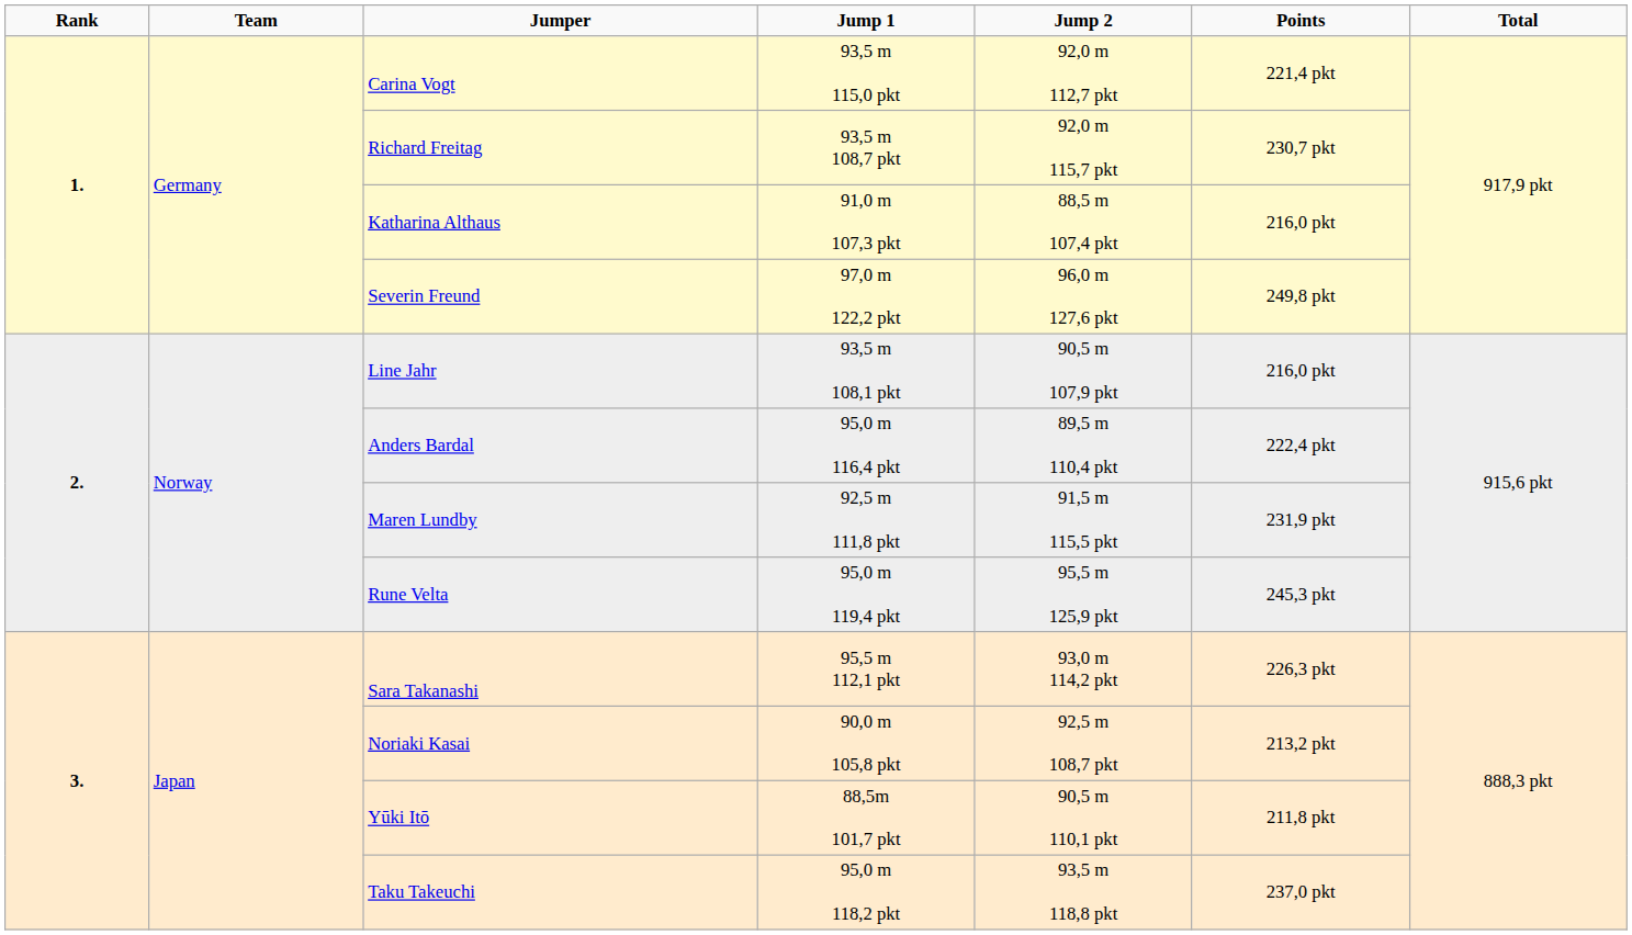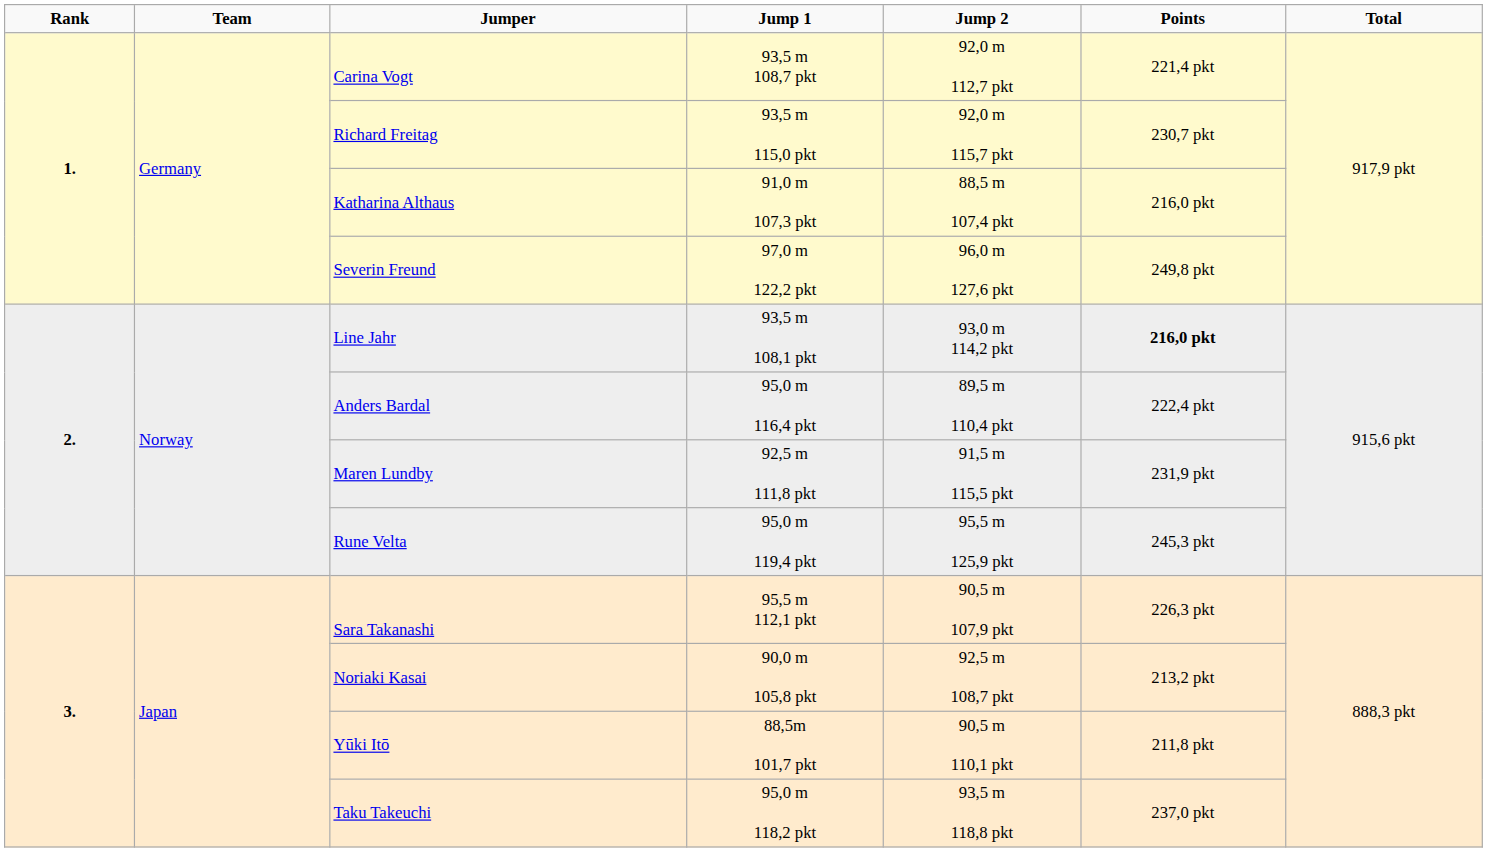 <table border="2" cellpadding="3" cellspacing="2" style="margin: 1em 1em 1em 0; background: #f9f9f9; border: 1px #aaa solid; border-collapse: collapse; font-size: 89%; text-align: center; width:100%">
 <tr>
 <th>Rank</th>
 <th>Team</th>
 <th>Jumper</th>
 <th>Jump 1</th>
 <th>Jump 2</th>
 <th>Points</th>
 <th>Total</th>
 </tr>
 <tr bgcolor="FFFACD">
 <td rowspan="4"><strong>1.</strong></td>
 <td align="left" rowspan="4"><a href='#'>Germany</a></td>
 <td align="left"><a href='#'><br> Carina Vogt</a></td>
-<td>93,5 m<br><br>115,0 pkt<br></td>
+<td>93,5 m<br>108,7 pkt<br></td>
 <td>92,0 m<br><br>112,7 pkt<br></td>
 <td>221,4 pkt</td>
 <td rowspan="4">917,9 pkt</td>
 </tr>
 <tr bgcolor="FFFACD">
 <td align="left"><a href='#'>Richard Freitag</a></td>
-<td>93,5 m<br>108,7 pkt<br></td>
+<td>93,5 m<br><br>115,0 pkt<br></td>
 <td>92,0 m<br><br>115,7 pkt<br></td>
 <td>230,7 pkt</td>
 </tr>
 <tr bgcolor="FFFACD">
 <td align="left"><a href='#'>Katharina Althaus</a></td>
 <td>91,0 m<br><br>107,3 pkt<br></td>
 <td>88,5 m<br><br>107,4 pkt<br></td>
 <td>216,0 pkt</td>
 </tr>
 <tr bgcolor="FFFACD">
 <td align="left"><a href='#'>Severin Freund</a></td>
 <td>97,0 m<br><br>122,2 pkt<br></td>
 <td>96,0 m<br><br>127,6 pkt<br></td>
 <td>249,8 pkt</td>
 </tr>
 <tr bgcolor="eeeeee">
 <td rowspan="4"><strong>2.</strong></td>
 <td align="left" rowspan="4"><a href='#'>Norway</a></td>
 <td align="left"><a href='#'>Line Jahr</a></td>
 <td>93,5 m<br><br>108,1 pkt<br></td>
-<td>90,5 m<br><br>107,9 pkt<br></td>
-<td>216,0 pkt</td>
+<td>93,0 m<br>114,2 pkt<br></td>
+<td><strong>216,0 pkt</strong></td>
 <td rowspan="4">915,6 pkt</td>
 </tr>
 <tr bgcolor="eeeeee">
 <td align="left"><a href='#'>Anders Bardal</a></td>
 <td>95,0 m<br><br>116,4 pkt<br></td>
 <td>89,5 m<br><br>110,4 pkt<br></td>
 <td>222,4 pkt</td>
 </tr>
 <tr bgcolor="eeeeee">
 <td align="left"><a href='#'>Maren Lundby</a></td>
 <td>92,5 m<br><br>111,8 pkt<br></td>
 <td>91,5 m<br><br>115,5 pkt<br></td>
 <td>231,9 pkt</td>
 </tr>
 <tr bgcolor="eeeeee">
 <td align="left"><a href='#'>Rune Velta</a></td>
 <td>95,0 m<br><br>119,4 pkt<br></td>
 <td>95,5 m<br><br>125,9 pkt<br></td>
 <td>245,3 pkt</td>
 </tr>
 <tr bgcolor="ffebcd">
 <td rowspan="4"><strong>3.</strong></td>
 <td align="left" rowspan="4"><a href='#'>Japan</a></td>
 <td align="left"><br><br><a href='#'>Sara Takanashi</a></td>
 <td>95,5 m<br>112,1 pkt<br></td>
-<td>93,0 m<br>114,2 pkt<br></td>
+<td>90,5 m<br><br>107,9 pkt<br></td>
 <td>226,3 pkt</td>
 <td rowspan="4">888,3 pkt</td>
 </tr>
 <tr bgcolor="ffebcd">
 <td align="left"><a href='#'>Noriaki Kasai</a></td>
 <td>90,0 m<br><br>105,8 pkt<br></td>
 <td>92,5 m<br><br>108,7 pkt<br></td>
 <td>213,2 pkt</td>
 </tr>
 <tr bgcolor="ffebcd">
 <td align="left"><a href='#'>Yūki Itō</a></td>
 <td>88,5m<br><br>101,7 pkt<br></td>
 <td>90,5 m<br><br>110,1 pkt<br></td>
 <td>211,8 pkt</td>
 </tr>
 <tr bgcolor="ffebcd">
 <td align="left"><a href='#'>Taku Takeuchi</a></td>
 <td>95,0 m<br><br>118,2 pkt<br></td>
 <td>93,5 m<br><br>118,8 pkt<br></td>
 <td>237,0 pkt</td>
 </tr>
 </table>
